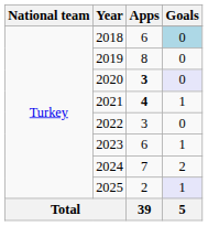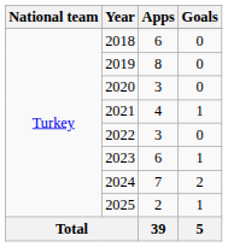 <table class="wikitable" style="text-align:center">
 <tr>
 <th>National team</th>
 <th>Year</th>
 <th>Apps</th>
 <th>Goals</th>
 </tr>
 <tr>
 <td rowspan=9><a href='#'>Turkey</a></td>
 </tr>
 <tr>
 <td>2018</td>
 <td>6</td>
-<td style="background: lightblue;">0</td>
+<td>0</td>
 </tr>
 <tr>
 <td>2019</td>
 <td>8</td>
 <td>0</td>
 </tr>
 <tr>
 <td>2020</td>
-<td><strong>3</strong></td>
-<td style="background: lavender;">0</td>
+<td>3</td>
+<td>0</td>
 </tr>
 <tr>
 <td>2021</td>
-<td><strong>4</strong></td>
+<td>4</td>
 <td>1</td>
 </tr>
 <tr>
 <td>2022</td>
 <td>3</td>
 <td>0</td>
 </tr>
 <tr>
 <td>2023</td>
 <td>6</td>
 <td>1</td>
 </tr>
 <tr>
 <td>2024</td>
 <td>7</td>
 <td>2</td>
 </tr>
 <tr>
 <td>2025</td>
 <td>2</td>
-<td style="background: lavender;">1</td>
+<td>1</td>
 </tr>
 <tr>
 <th colspan=2>Total</th>
 <th>39</th>
 <th>5</th>
 </tr>
 </table>
